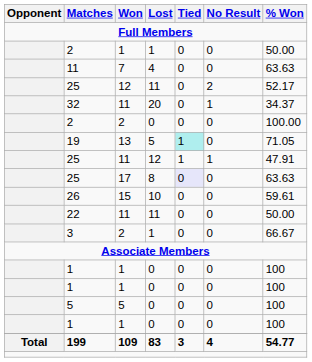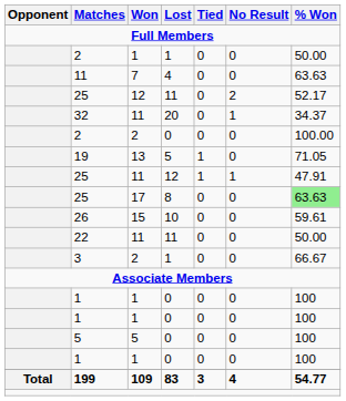 <table class="wikitable plainrowheaders sortable">
 <tr>
 <th scope="col">Opponent</th>
 <th scope="col"><a href='#'>Matches</a></th>
 <th scope="col"><a href='#'>Won</a></th>
 <th scope="col"><a href='#'>Lost</a></th>
 <th scope="col"><a href='#'>Tied</a></th>
 <th scope="col"><a href='#'>No Result</a></th>
 <th scope="col"><a href='#'>% Won</a></th>
 </tr>
 <tr>
 <td style="text-align: center;" colspan="9"><strong><a href='#'>Full Members</a></strong></td>
 </tr>
 <tr>
 <th scope=row></th>
 <td>2</td>
 <td>1</td>
 <td>1</td>
 <td>0</td>
 <td>0</td>
 <td>50.00</td>
 </tr>
 <tr>
 <th scope=row></th>
 <td>11</td>
 <td>7</td>
 <td>4</td>
 <td>0</td>
 <td>0</td>
 <td>63.63</td>
 </tr>
 <tr>
 <th scope=row></th>
 <td>25</td>
 <td>12</td>
 <td>11</td>
 <td>0</td>
 <td>2</td>
 <td>52.17</td>
 </tr>
 <tr>
 <th scope=row></th>
 <td>32</td>
 <td>11</td>
 <td>20</td>
 <td>0</td>
 <td>1</td>
 <td>34.37</td>
 </tr>
 <tr>
 <th scope=row></th>
 <td>2</td>
 <td>2</td>
 <td>0</td>
 <td>0</td>
 <td>0</td>
 <td>100.00</td>
 </tr>
 <tr>
 <th scope=row></th>
 <td>19</td>
 <td>13</td>
 <td>5</td>
-<td style="background: paleturquoise;">1</td>
+<td>1</td>
 <td>0</td>
 <td>71.05</td>
 </tr>
 <tr>
 <th scope=row></th>
 <td>25</td>
 <td>11</td>
 <td>12</td>
 <td>1</td>
 <td>1</td>
 <td>47.91</td>
 </tr>
 <tr>
 <th scope=row></th>
 <td>25</td>
 <td>17</td>
 <td>8</td>
-<td style="background: lavender;">0</td>
 <td>0</td>
-<td>63.63</td>
+<td>0</td>
+<td style="background: lightgreen;">63.63</td>
 </tr>
 <tr>
 <th scope=row></th>
 <td>26</td>
 <td>15</td>
 <td>10</td>
 <td>0</td>
 <td>0</td>
 <td>59.61</td>
 </tr>
 <tr>
 <th scope=row></th>
 <td>22</td>
 <td>11</td>
 <td>11</td>
 <td>0</td>
 <td>0</td>
 <td>50.00</td>
 </tr>
 <tr>
 <th scope=row></th>
 <td>3</td>
 <td>2</td>
 <td>1</td>
 <td>0</td>
 <td>0</td>
 <td>66.67</td>
 </tr>
 <tr>
 <td colspan="10" style="text-align: center;"><strong><a href='#'>Associate Members</a></strong></td>
 </tr>
 <tr>
 <th scope=row></th>
 <td>1</td>
 <td>1</td>
 <td>0</td>
 <td>0</td>
 <td>0</td>
 <td>100</td>
 </tr>
 <tr>
 <th scope=row></th>
 <td>1</td>
 <td>1</td>
 <td>0</td>
 <td>0</td>
 <td>0</td>
 <td>100</td>
 </tr>
 <tr>
 <th scope=row></th>
 <td>5</td>
 <td>5</td>
 <td>0</td>
 <td>0</td>
 <td>0</td>
 <td>100</td>
 </tr>
 <tr>
 <th scope=row></th>
 <td>1</td>
 <td>1</td>
 <td>0</td>
 <td>0</td>
 <td>0</td>
 <td>100</td>
 </tr>
 <tr>
 </tr>
 <tr class="sortbottom">
 <th scope="row" style="text-align:center"><strong>Total</strong></th>
 <td><strong>199</strong></td>
 <td><strong>109</strong></td>
 <td><strong>83</strong></td>
 <td><strong>3</strong></td>
 <td><strong>4</strong></td>
 <td><strong>54.77</strong></td>
 </tr>
 <tr>
 <td colspan=10></td>
 </tr>
 </table>
